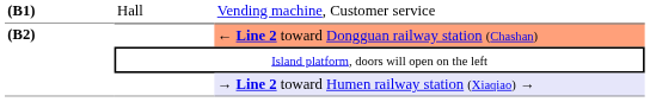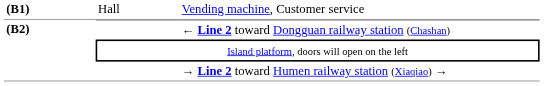 <table table border=0 cellspacing=0 cellpadding=3>
 <tr>
 <td style="border-bottom:solid 1px gray;border-top:solid 0px gray;" width=110 valign=top><strong>(B1)</strong></td>
 <td style="border-top:solid 0px gray;border-bottom:solid 1px gray;" width=100 valign=top>Hall</td>
 <td style="border-top:solid 0px gray;border-bottom:solid 1px gray;" width=390 valign=top><a href='#'>Vending machine</a>, Customer service</td>
 </tr>
 <tr>
 <td style="border-top:solid 0px gray;border-bottom:solid 1px gray;" width=110 rowspan=3 valign=top><strong>(B2)</strong></td>
 <td style="border-top:solid 1px gray;" width=100><span></span></td>
-<td style="background: lightsalmon; border-top:solid 1px gray;" width=450>← <a href='#'><span><strong>Line 2</strong></span></a> toward <a href='#'>Dongguan railway station</a> <small>(<a href='#'>Chashan</a>)</small></td>
+<td style="border-top:solid 1px gray;" width=450>← <a href='#'><span><strong>Line 2</strong></span></a> toward <a href='#'>Dongguan railway station</a> <small>(<a href='#'>Chashan</a>)</small></td>
 </tr>
 <tr>
 <td style="border-top:solid 2px black;border-right:solid 2px black;border-left:solid 2px black;border-bottom:solid 2px black;text-align:center;" colspan=2><small><a href='#'>Island platform</a>, doors will open on the left</small></td>
 </tr>
 <tr>
 <td style="border-bottom:solid 1px gray;" width=100><span></span></td>
-<td style="background: lavender; border-bottom:solid 1px gray;" width=390><span>→</span> <a href='#'><span><strong>Line 2</strong></span></a> toward <a href='#'>Humen railway station</a> <small>(<a href='#'>Xiaqiao</a>)</small> →</td>
+<td style="border-bottom:solid 1px gray;" width=390><span>→</span> <a href='#'><span><strong>Line 2</strong></span></a> toward <a href='#'>Humen railway station</a> <small>(<a href='#'>Xiaqiao</a>)</small> →</td>
 </tr>
 </table>
